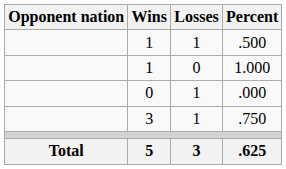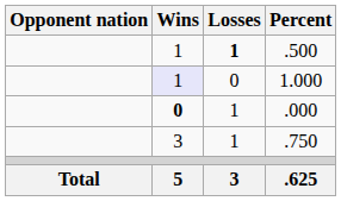 <table class=wikitable>
 <tr>
 <th>Opponent nation</th>
 <th>Wins</th>
 <th>Losses</th>
 <th>Percent</th>
 </tr>
 <tr align=center>
 <td align=left></td>
 <td>1</td>
-<td>1</td>
+<td><strong>1</strong></td>
 <td>.500</td>
 </tr>
 <tr align=center>
 <td align=left></td>
-<td>1</td>
+<td style="background: lavender;">1</td>
 <td>0</td>
 <td>1.000</td>
 </tr>
 <tr align=center>
 <td align=left></td>
-<td>0</td>
+<td><strong>0</strong></td>
 <td>1</td>
 <td>.000</td>
 </tr>
 <tr align=center>
 <td align=left></td>
 <td>3</td>
 <td>1</td>
 <td>.750</td>
 </tr>
 <tr>
 <td colspan=4 bgcolor=lightgray></td>
 </tr>
 <tr>
 <th>Total</th>
 <th>5</th>
 <th>3</th>
 <th>.625</th>
 </tr>
 </table>
